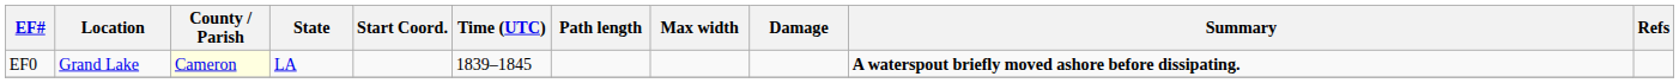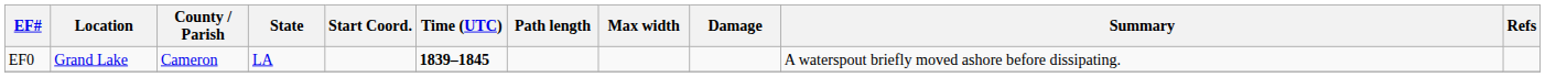 <table class="wikitable sortable" style="width:100%;">
 <tr>
 <th scope="col" width="3%" align="center"><a href='#'>EF#</a></th>
 <th scope="col" width="7%" align="center" class="unsortable">Location</th>
 <th scope="col" width="6%" align="center" class="unsortable">County / Parish</th>
 <th scope="col" width="5%" align="center">State</th>
 <th scope="col" width="6%" align="center">Start Coord.</th>
 <th scope="col" width="6%" align="center">Time (<a href='#'>UTC</a>)</th>
 <th scope="col" width="6%" align="center">Path length</th>
 <th scope="col" width="6%" align="center">Max width</th>
 <th scope="col" width="6%" align="center">Damage</th>
 <th scope="col" width="48%" class="unsortable" align="center">Summary</th>
 <th scope="col" width="48%" class="unsortable" align="center">Refs</th>
 </tr>
 <tr>
 <td>EF0</td>
 <td><a href='#'>Grand Lake</a></td>
-<td style="background: lightyellow;"><a href='#'>Cameron</a></td>
+<td><a href='#'>Cameron</a></td>
 <td><a href='#'>LA</a></td>
 <td></td>
-<td>1839–1845</td>
+<td><strong>1839–1845</strong></td>
 <td></td>
 <td></td>
 <td></td>
-<td><strong>A waterspout briefly moved ashore before dissipating.</strong></td>
+<td>A waterspout briefly moved ashore before dissipating.</td>
 <td></td>
 </tr>
 <tr>
 </tr>
 </table>
